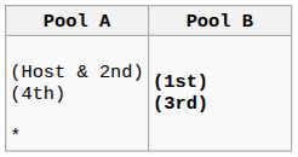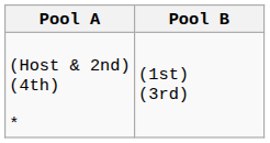 <table class="wikitable">
 <tr>
 <th width=50%>Pool A</th>
 <th width=50%>Pool B</th>
 </tr>
 <tr>
 <td><br> (Host & 2nd)<br>  (4th)<br> <br> <s></s> *</td>
-<td><strong><br> (1st)<br>  (3rd)<br> <br> </strong></td>
+<td><br> (1st)<br>  (3rd)<br> <br> </td>
 </tr>
 </table>
